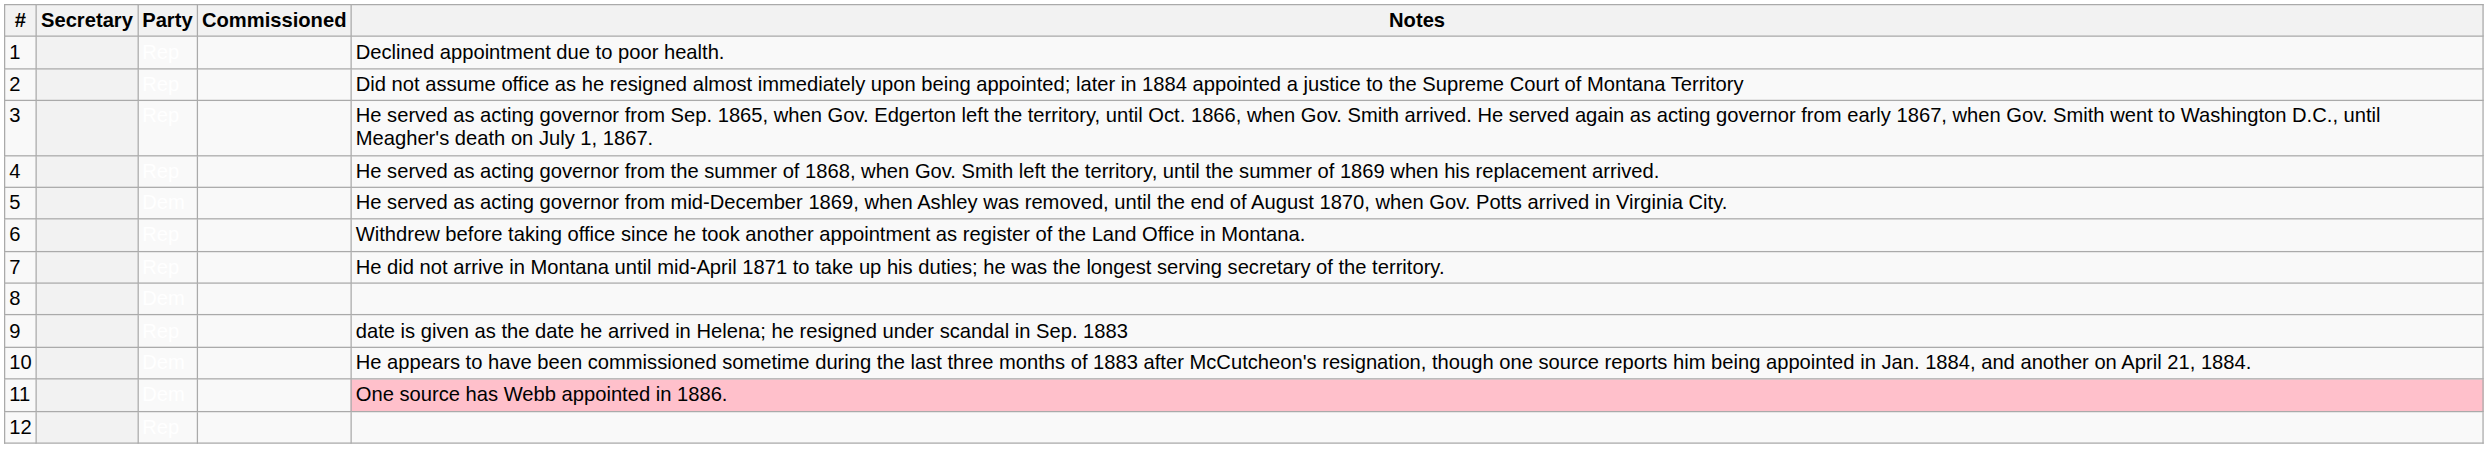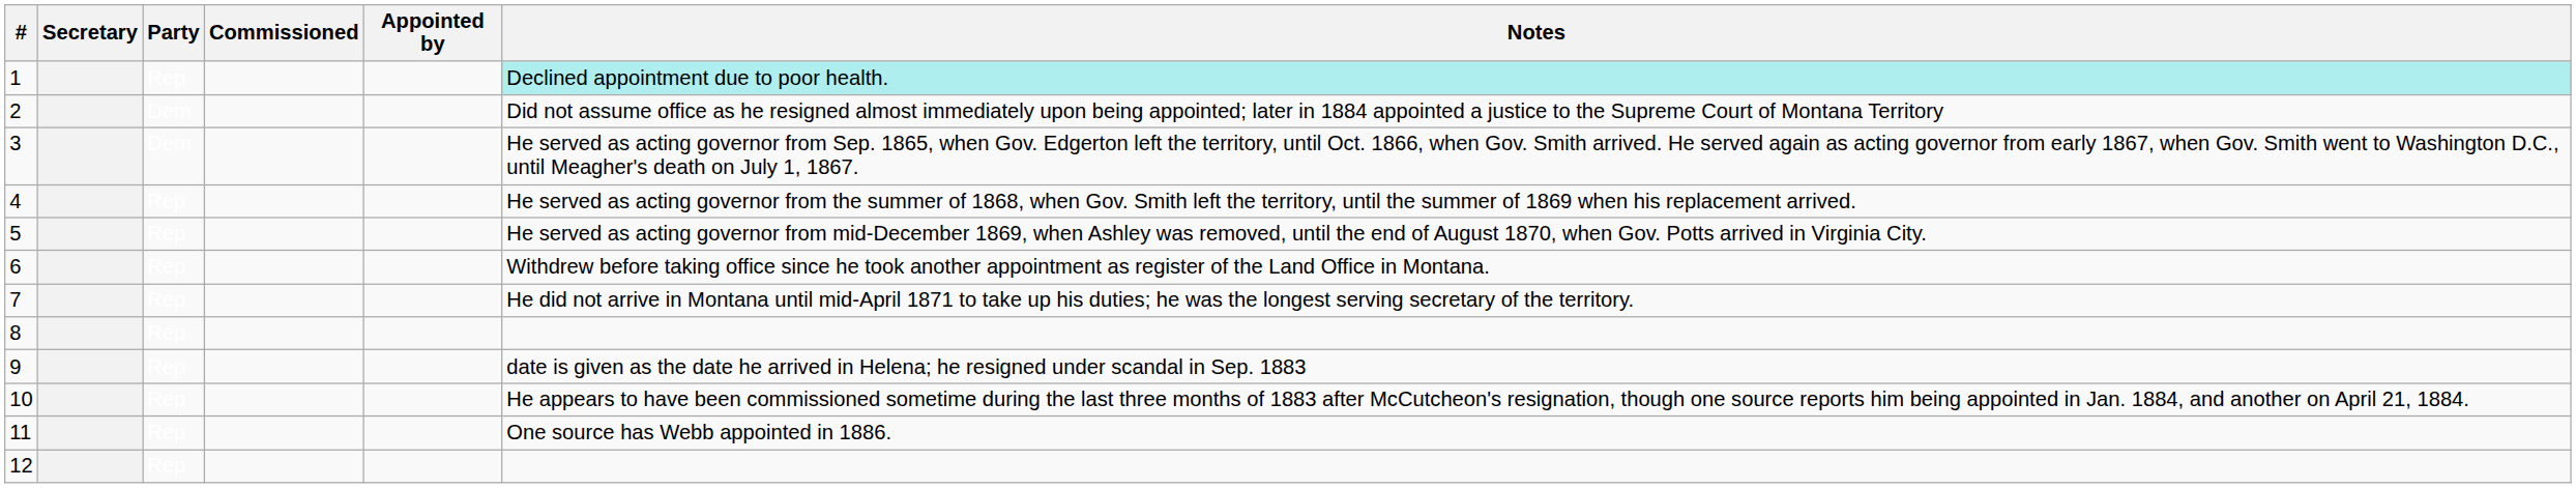 <table class="sortable wikitable plainrowheaders">
 <tr>
 <th scope="col" class="unsortable">#</th>
 <th scope="col" class="unsortable">Secretary</th>
 <th scope="col" class="unsortable">Party</th>
 <th scope="col" class="unsortable">Commissioned</th>
+<th scope="col" class="unsortable">Appointed by</th>
 <th scope="col" class="unsortable">Notes</th>
 </tr>
 <tr valign="top">
 <td>1</td>
 <th scope="row"></th>
 <td style="color:#FFF; background-color:">Rep</td>
 <td></td>
-<td>Declined appointment due to poor health.</td>
+<td></td>
+<td style="background: paleturquoise;">Declined appointment due to poor health.</td>
 </tr>
 <tr valign="top">
 <td>2</td>
 <th scope="row"></th>
-<td style="color:#FFF; background-color:">Rep</td>
+<td style="color:#FFF; background-color:">Dem</td>
+<td></td>
 <td></td>
 <td>Did not assume office as he resigned almost immediately upon being appointed; later in 1884 appointed a justice to the Supreme Court of Montana Territory</td>
 </tr>
 <tr valign="top">
 <td>3</td>
 <th scope="row"></th>
-<td style="color:#FFF; background-color:">Rep</td>
+<td style="color:#FFF; background-color:">Dem</td>
+<td></td>
 <td></td>
 <td>He served as acting governor from Sep. 1865, when Gov. Edgerton left the territory, until Oct. 1866, when Gov. Smith arrived.  He served again as acting governor from early 1867, when Gov. Smith went to Washington D.C., until Meagher's death on July 1, 1867.</td>
 </tr>
 <tr valign="top">
 <td>4</td>
 <th scope="row"></th>
 <td style="color:#FFF; background-color:">Rep</td>
 <td></td>
+<td></td>
 <td>He served as acting governor from the summer of 1868, when Gov. Smith left the territory, until the summer of 1869 when his replacement arrived.</td>
 </tr>
 <tr valign="top">
 <td>5</td>
 <th scope="row"></th>
-<td style="color:#FFF; background-color:">Dem</td>
+<td style="color:#FFF; background-color:">Rep</td>
+<td></td>
 <td></td>
 <td>He served as acting governor from mid-December 1869, when Ashley was removed, until the end of August 1870, when Gov. Potts arrived in Virginia City.</td>
 </tr>
 <tr valign="top">
 <td>6</td>
 <th scope="row"></th>
 <td style="color:#FFF; background-color:">Rep</td>
 <td></td>
+<td></td>
 <td>Withdrew before taking office since he took another appointment as register of the Land Office in Montana.</td>
 </tr>
 <tr valign="top">
 <td>7</td>
 <th scope="row"></th>
 <td style="color:#FFF; background-color:">Rep</td>
 <td></td>
+<td></td>
 <td>He did not arrive in Montana until mid-April 1871 to take up his duties; he was the longest serving secretary of the territory.</td>
 </tr>
 <tr valign="top">
 <td>8</td>
 <th scope="row"></th>
-<td style="color:#FFF; background-color:">Dem</td>
+<td style="color:#FFF; background-color:">Rep</td>
+<td></td>
 <td></td>
 <td></td>
 </tr>
 <tr valign="top">
 <td>9</td>
 <th scope="row"></th>
 <td style="color:#FFF; background-color:">Rep</td>
 <td></td>
+<td></td>
 <td>date is given as the date he arrived in Helena; he resigned under scandal in Sep. 1883</td>
 </tr>
 <tr valign="top">
 <td>10</td>
 <th scope="row"></th>
-<td style="color:#FFF; background-color:">Dem</td>
+<td style="color:#FFF; background-color:">Rep</td>
+<td></td>
 <td></td>
 <td>He appears to have been commissioned sometime during the last three months of 1883 after McCutcheon's resignation, though one source reports him being appointed in Jan. 1884, and another on April 21, 1884.</td>
 </tr>
 <tr valign="top">
 <td>11</td>
 <th scope="row"></th>
-<td style="color:#FFF; background-color:">Dem</td>
+<td style="color:#FFF; background-color:">Rep</td>
 <td></td>
-<td style="background: pink;">One source has Webb appointed in 1886.</td>
+<td></td>
+<td>One source has Webb appointed in 1886.</td>
 </tr>
 <tr valign="top">
 <td>12</td>
 <th scope="row"></th>
 <td style="color:#FFF; background-color:">Rep</td>
 <td></td>
 <td></td>
+<td></td>
 </tr>
 </table>
